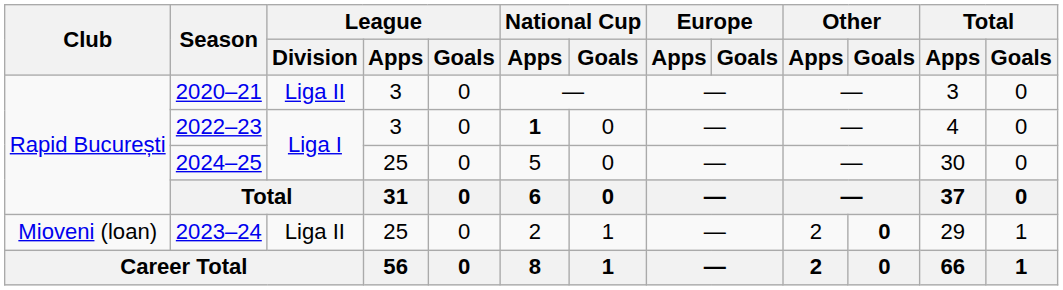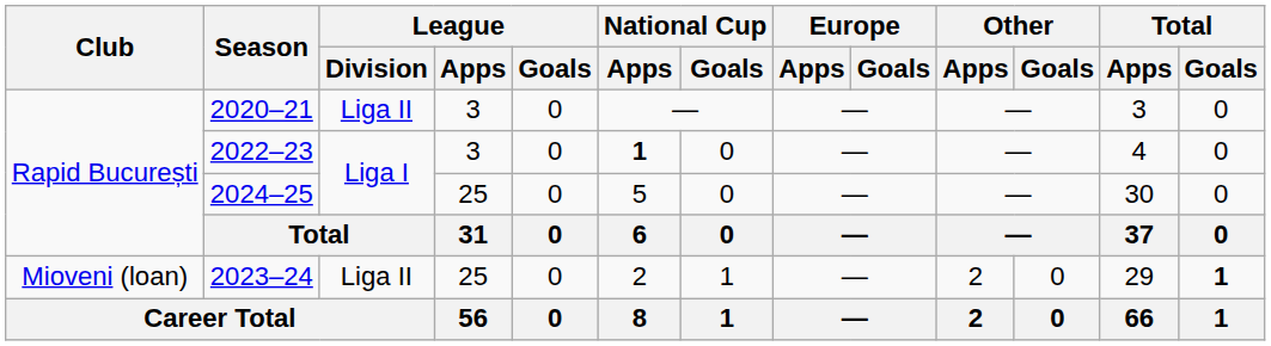 <table class=wikitable style=text-align:center>
 <tr>
 <th rowspan=2>Club</th>
 <th rowspan=2>Season</th>
 <th colspan=3>League</th>
 <th colspan=2>National Cup</th>
 <th colspan=2>Europe</th>
 <th colspan=2>Other</th>
 <th colspan=2>Total</th>
 </tr>
 <tr>
 <th>Division</th>
 <th>Apps</th>
 <th>Goals</th>
 <th>Apps</th>
 <th>Goals</th>
 <th>Apps</th>
 <th>Goals</th>
 <th>Apps</th>
 <th>Goals</th>
 <th>Apps</th>
 <th>Goals</th>
 </tr>
 <tr>
 <td rowspan="4"><a href='#'>Rapid București</a></td>
 <td><a href='#'>2020–21</a></td>
 <td rowspan="1"><a href='#'>Liga II</a></td>
 <td>3</td>
 <td>0</td>
 <td colspan=2>—</td>
 <td colspan=2>—</td>
 <td colspan=2>—</td>
 <td>3</td>
 <td>0</td>
 </tr>
 <tr>
 <td><a href='#'>2022–23</a></td>
 <td rowspan="2"><a href='#'>Liga I</a></td>
 <td>3</td>
 <td>0</td>
 <td><strong>1</strong></td>
 <td>0</td>
 <td colspan=2>—</td>
 <td colspan=2>—</td>
 <td>4</td>
 <td>0</td>
 </tr>
 <tr>
 <td><a href='#'>2024–25</a></td>
 <td>25</td>
 <td>0</td>
 <td>5</td>
 <td>0</td>
 <td colspan=2>—</td>
 <td colspan=2>—</td>
 <td>30</td>
 <td>0</td>
 </tr>
 <tr>
 <th colspan="2">Total</th>
 <th>31</th>
 <th>0</th>
 <th>6</th>
 <th>0</th>
 <th colspan=2>—</th>
 <th colspan=2>—</th>
 <th>37</th>
 <th>0</th>
 </tr>
 <tr>
 <td rowspan="1"><a href='#'>Mioveni</a> (loan)</td>
 <td><a href='#'>2023–24</a></td>
 <td rowspan="1">Liga II</td>
 <td>25</td>
 <td>0</td>
 <td>2</td>
 <td>1</td>
 <td colspan=2>—</td>
 <td>2</td>
-<td><strong>0</strong></td>
+<td>0</td>
 <td>29</td>
-<td>1</td>
+<td><strong>1</strong></td>
 </tr>
 <tr>
 <th colspan="3">Career Total</th>
 <th>56</th>
 <th>0</th>
 <th>8</th>
 <th>1</th>
 <th colspan=2>—</th>
 <th>2</th>
 <th>0</th>
 <th>66</th>
 <th>1</th>
 </tr>
 </table>
